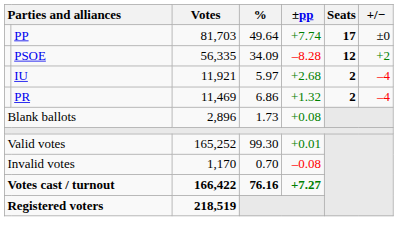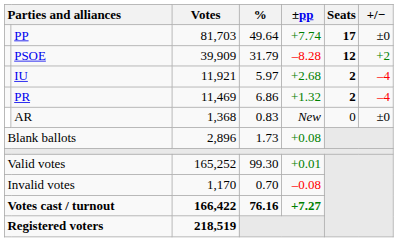 <table class="wikitable" style="text-align:right;">
 <tr>
 <th style="text-align:left;" colspan="2" width="200">Parties and alliances</th>
 <th width="75">Votes</th>
 <th width="45">%</th>
 <th width="45">±<a href='#'>pp</a></th>
 <th width="35">Seats</th>
 <th width="35">+/−</th>
 </tr>
 <tr>
 <td width="1" style="color:inherit;background:"></td>
 <td align="left"><a href='#'>PP</a></td>
 <td>81,703</td>
 <td>49.64</td>
 <td style="color:green;">+7.74</td>
 <td><strong>17</strong></td>
 <td>±0</td>
 </tr>
 <tr>
 <td style="color:inherit;background:"></td>
 <td align="left"><a href='#'>PSOE</a></td>
-<td>56,335</td>
-<td>34.09</td>
+<td>39,909</td>
+<td>31.79</td>
 <td style="color:red;">–8.28</td>
 <td><strong>12</strong></td>
 <td style="color:green;">+2</td>
 </tr>
 <tr>
 <td style="color:inherit;background:"></td>
 <td align="left"><a href='#'>IU</a></td>
 <td>11,921</td>
 <td>5.97</td>
 <td style="color:green;">+2.68</td>
 <td><strong>2</strong></td>
 <td style="color:red;">–4</td>
 </tr>
 <tr>
 <td style="color:inherit;background:"></td>
 <td align="left"><a href='#'>PR</a></td>
 <td>11,469</td>
 <td>6.86</td>
 <td style="color:green;">+1.32</td>
 <td><strong>2</strong></td>
 <td style="color:red;">–4</td>
+</tr>
+<tr>
+<td bgcolor="white"></td>
+<td align="left">AR</td>
+<td>1,368</td>
+<td>0.83</td>
+<td><em>New</em></td>
+<td>0</td>
+<td>±0</td>
 </tr>
 <tr>
 <td align="left" colspan="2">Blank ballots</td>
 <td>2,896</td>
 <td>1.73</td>
 <td style="color:green;">+0.08</td>
 <td bgcolor="#E9E9E9" colspan="2"></td>
 </tr>
 <tr>
 <td colspan="7" bgcolor="#E9E9E9"></td>
 </tr>
 <tr>
 <td align="left" colspan="2">Valid votes</td>
 <td>165,252</td>
 <td>99.30</td>
 <td style="color:green;">+0.01</td>
 <td bgcolor="#E9E9E9" colspan="2" rowspan="4"></td>
 </tr>
 <tr>
 <td align="left" colspan="2">Invalid votes</td>
 <td>1,170</td>
 <td>0.70</td>
 <td style="color:red;">–0.08</td>
 </tr>
 <tr style="font-weight:bold;">
 <td align="left" colspan="2">Votes cast / turnout</td>
 <td>166,422</td>
 <td>76.16</td>
 <td style="color:green;">+7.27</td>
 </tr>
 <tr style="font-weight:bold;">
 <td align="left" colspan="2">Registered voters</td>
 <td>218,519</td>
 <td bgcolor="#E9E9E9" colspan="2"></td>
 </tr>
 </table>
